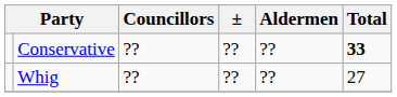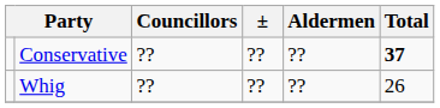 <table class="wikitable">
 <tr>
 <th colspan="2">Party</th>
 <th>Councillors</th>
 <th>  ±  </th>
 <th>Aldermen</th>
 <th>Total</th>
 </tr>
 <tr>
 <td style="background-color: "></td>
 <td><a href='#'>Conservative</a></td>
 <td>??</td>
 <td>??</td>
 <td>??</td>
-<td><strong>33</strong></td>
+<td><strong>37</strong></td>
 </tr>
 <tr>
 <td style="background-color: "></td>
 <td><a href='#'>Whig</a></td>
 <td>??</td>
 <td>??</td>
 <td>??</td>
-<td>27</td>
+<td>26</td>
 </tr>
 <tr>
 </tr>
 </table>
